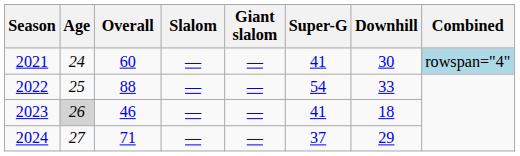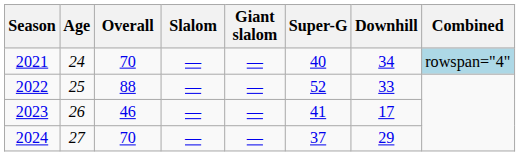 <table class=wikitable style="text-align:center">
 <tr>
 <th>Season</th>
 <th>Age</th>
 <th> Overall </th>
 <th> Slalom </th>
 <th>Giant<br> slalom </th>
 <th>Super-G</th>
 <th>Downhill</th>
 <th>Combined</th>
 </tr>
 <tr>
 <td><a href='#'>2021</a></td>
 <td><em>24</em></td>
-<td><a href='#'>60</a></td>
+<td><a href='#'>70</a></td>
 <td><a href='#'>—</a></td>
 <td><a href='#'>—</a></td>
-<td><a href='#'>41</a></td>
-<td><a href='#'>30</a></td>
+<td><a href='#'>40</a></td>
+<td><a href='#'>34</a></td>
 <td style="background: lightblue;">rowspan="4" </td>
 </tr>
 <tr>
 <td><a href='#'>2022</a></td>
 <td><em>25</em></td>
 <td><a href='#'>88</a></td>
 <td><a href='#'>—</a></td>
 <td><a href='#'>—</a></td>
-<td><a href='#'>54</a></td>
+<td><a href='#'>52</a></td>
 <td><a href='#'>33</a></td>
 </tr>
 <tr>
 <td><a href='#'>2023</a></td>
-<td style="background: lightgrey;"><em>26</em></td>
+<td><em>26</em></td>
 <td><a href='#'>46</a></td>
 <td><a href='#'>—</a></td>
 <td><a href='#'>—</a></td>
 <td><a href='#'>41</a></td>
-<td><a href='#'>18</a></td>
+<td><a href='#'>17</a></td>
 </tr>
 <tr>
 <td><a href='#'>2024</a></td>
 <td><em>27</em></td>
-<td><a href='#'>71</a></td>
+<td><a href='#'>70</a></td>
 <td><a href='#'>—</a></td>
 <td><a href='#'>—</a></td>
 <td><a href='#'>37</a></td>
 <td><a href='#'>29</a></td>
 </tr>
 </table>
